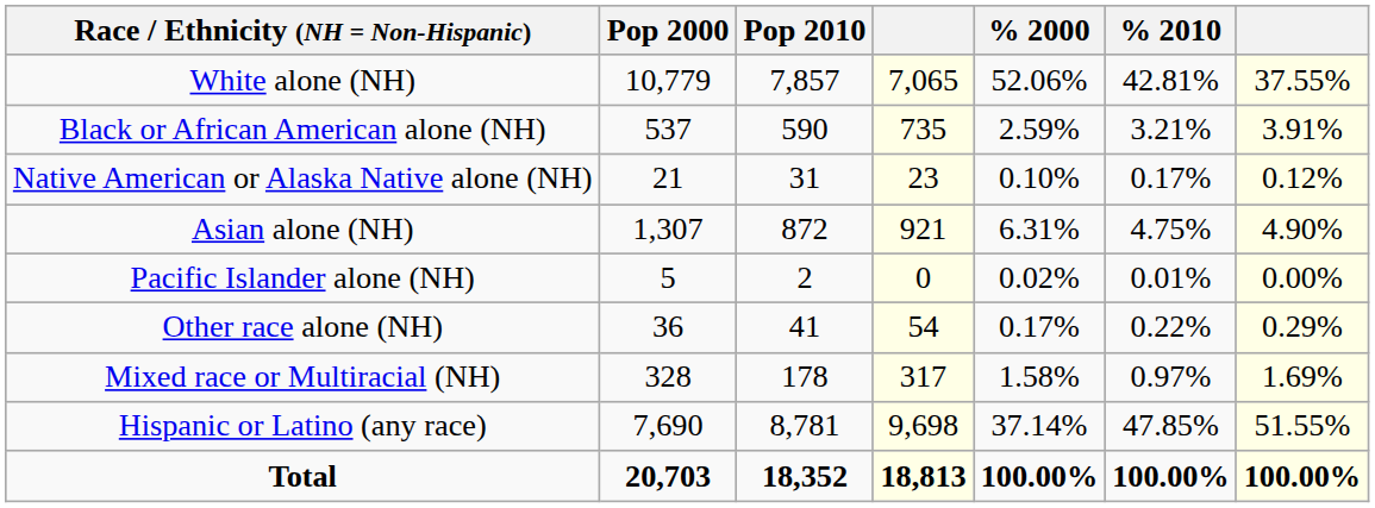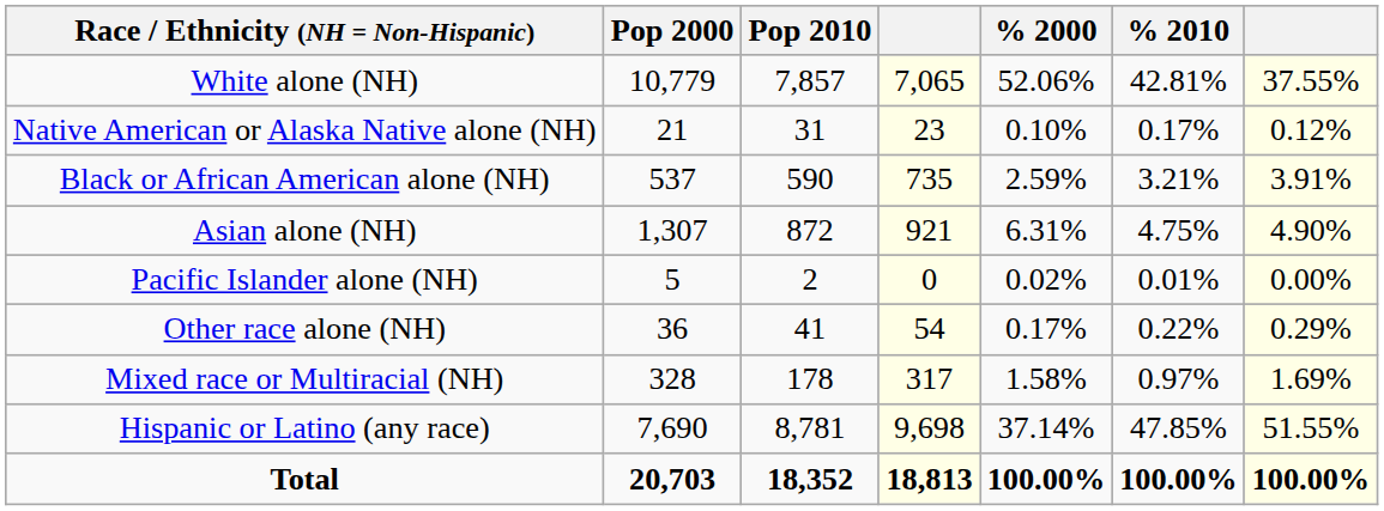 <table class="wikitable" style="text-align:center;">
 <tr>
 <th>Race / Ethnicity <small>(<em>NH = Non-Hispanic</em>)</small></th>
 <th>Pop 2000</th>
 <th>Pop 2010</th>
 <th></th>
 <th>% 2000</th>
 <th>% 2010</th>
 <th></th>
 </tr>
 <tr>
 <td><a href='#'>White</a> alone (NH)</td>
 <td>10,779</td>
 <td>7,857</td>
 <td style='background: #ffffe6;'>7,065</td>
 <td>52.06%</td>
 <td>42.81%</td>
 <td style='background: #ffffe6;'>37.55%</td>
 </tr>
 <tr>
+<td><a href='#'>Native American</a> or <a href='#'>Alaska Native</a> alone (NH)</td>
+<td>21</td>
+<td>31</td>
+<td style='background: #ffffe6;'>23</td>
+<td>0.10%</td>
+<td>0.17%</td>
+<td style='background: #ffffe6;'>0.12%</td>
+</tr>
+<tr>
 <td><a href='#'>Black or African American</a> alone (NH)</td>
 <td>537</td>
 <td>590</td>
 <td style='background: #ffffe6;'>735</td>
 <td>2.59%</td>
 <td>3.21%</td>
 <td style='background: #ffffe6;'>3.91%</td>
-</tr>
-<tr>
-<td><a href='#'>Native American</a> or <a href='#'>Alaska Native</a> alone (NH)</td>
-<td>21</td>
-<td>31</td>
-<td style='background: #ffffe6;'>23</td>
-<td>0.10%</td>
-<td>0.17%</td>
-<td style='background: #ffffe6;'>0.12%</td>
 </tr>
 <tr>
 <td><a href='#'>Asian</a> alone (NH)</td>
 <td>1,307</td>
 <td>872</td>
 <td style='background: #ffffe6;'>921</td>
 <td>6.31%</td>
 <td>4.75%</td>
 <td style='background: #ffffe6;'>4.90%</td>
 </tr>
 <tr>
 <td><a href='#'>Pacific Islander</a> alone (NH)</td>
 <td>5</td>
 <td>2</td>
 <td style='background: #ffffe6;'>0</td>
 <td>0.02%</td>
 <td>0.01%</td>
 <td style='background: #ffffe6;'>0.00%</td>
 </tr>
 <tr>
 <td><a href='#'>Other race</a> alone (NH)</td>
 <td>36</td>
 <td>41</td>
 <td style='background: #ffffe6;'>54</td>
 <td>0.17%</td>
 <td>0.22%</td>
 <td style='background: #ffffe6;'>0.29%</td>
 </tr>
 <tr>
 <td><a href='#'>Mixed race or Multiracial</a> (NH)</td>
 <td>328</td>
 <td>178</td>
 <td style='background: #ffffe6;'>317</td>
 <td>1.58%</td>
 <td>0.97%</td>
 <td style='background: #ffffe6;'>1.69%</td>
 </tr>
 <tr>
 <td><a href='#'>Hispanic or Latino</a> (any race)</td>
 <td>7,690</td>
 <td>8,781</td>
 <td style='background: #ffffe6;'>9,698</td>
 <td>37.14%</td>
 <td>47.85%</td>
 <td style='background: #ffffe6;'>51.55%</td>
 </tr>
 <tr>
 <td><strong>Total</strong></td>
 <td><strong>20,703</strong></td>
 <td><strong>18,352</strong></td>
 <td style='background: #ffffe6;'><strong>18,813</strong></td>
 <td><strong>100.00%</strong></td>
 <td><strong>100.00%</strong></td>
 <td style='background: #ffffe6;'><strong>100.00%</strong></td>
 </tr>
 </table>
